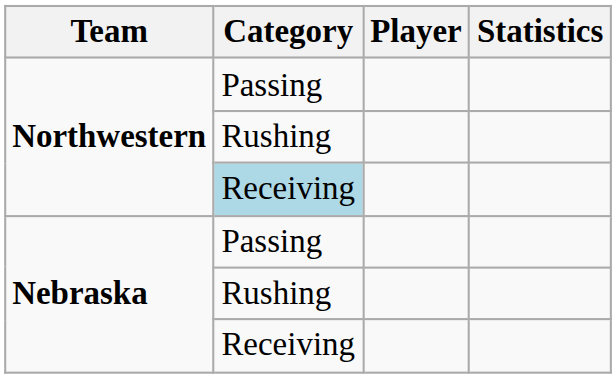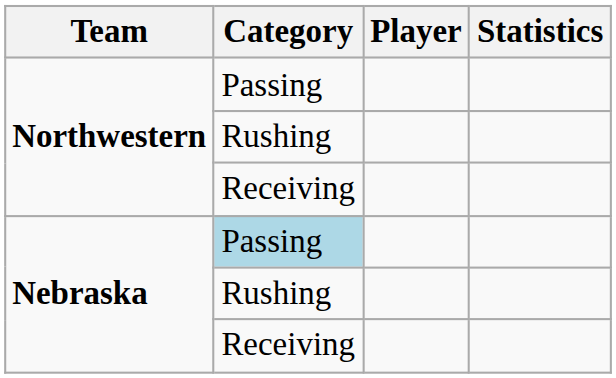 <table class="wikitable" style="float: right;">
 <tr>
 <th>Team</th>
 <th>Category</th>
 <th>Player</th>
 <th>Statistics</th>
 </tr>
 <tr>
 <td rowspan=3><strong>Northwestern</strong></td>
 <td>Passing</td>
 <td></td>
 <td></td>
 </tr>
 <tr>
 <td>Rushing</td>
 <td></td>
 <td></td>
 </tr>
 <tr>
-<td style="background: lightblue;">Receiving</td>
+<td>Receiving</td>
 <td></td>
 <td></td>
 </tr>
 <tr>
 <td rowspan=3><strong>Nebraska</strong></td>
-<td>Passing</td>
+<td style="background: lightblue;">Passing</td>
 <td></td>
 <td></td>
 </tr>
 <tr>
 <td>Rushing</td>
 <td></td>
 <td></td>
 </tr>
 <tr>
 <td>Receiving</td>
 <td></td>
 <td></td>
 </tr>
 </table>
